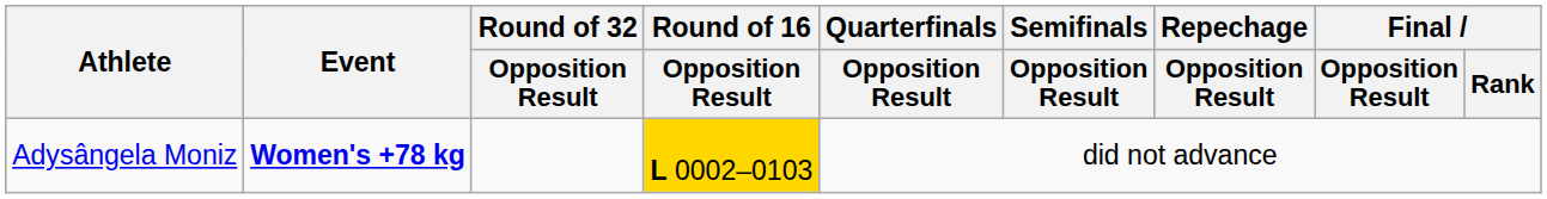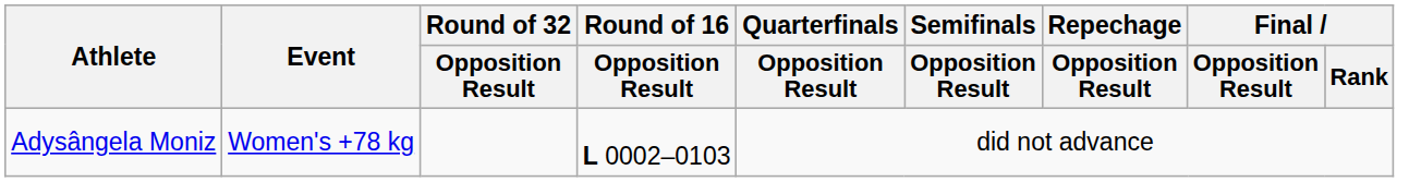 <table class="wikitable" style="font-size:90%">
 <tr>
 <th rowspan=2>Athlete</th>
 <th rowspan=2>Event</th>
 <th>Round of 32</th>
 <th>Round of 16</th>
 <th>Quarterfinals</th>
 <th>Semifinals</th>
 <th>Repechage</th>
 <th colspan=2>Final / </th>
 </tr>
 <tr style="font-size:95%">
 <th>Opposition<br>Result</th>
 <th>Opposition<br>Result</th>
 <th>Opposition<br>Result</th>
 <th>Opposition<br>Result</th>
 <th>Opposition<br>Result</th>
 <th>Opposition<br>Result</th>
 <th>Rank</th>
 </tr>
 <tr align=center>
 <td align=left><a href='#'>Adysângela Moniz</a></td>
-<td align=left><strong><a href='#'>Women's +78 kg</a></strong></td>
+<td align=left><a href='#'>Women's +78 kg</a></td>
 <td></td>
-<td style="background: gold;"><br><strong>L</strong> 0002–0103</td>
+<td><br><strong>L</strong> 0002–0103</td>
 <td colspan=5>did not advance</td>
 </tr>
 </table>
